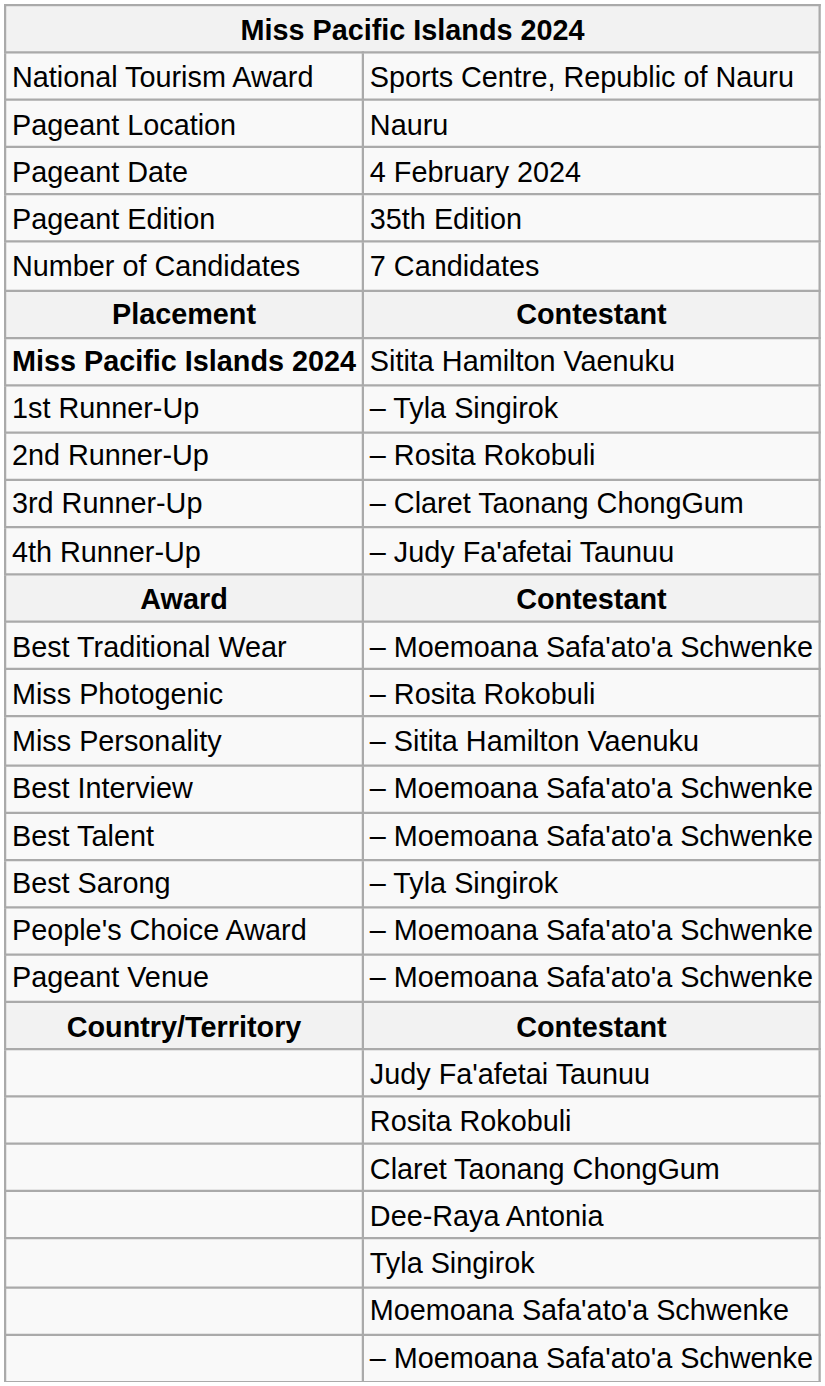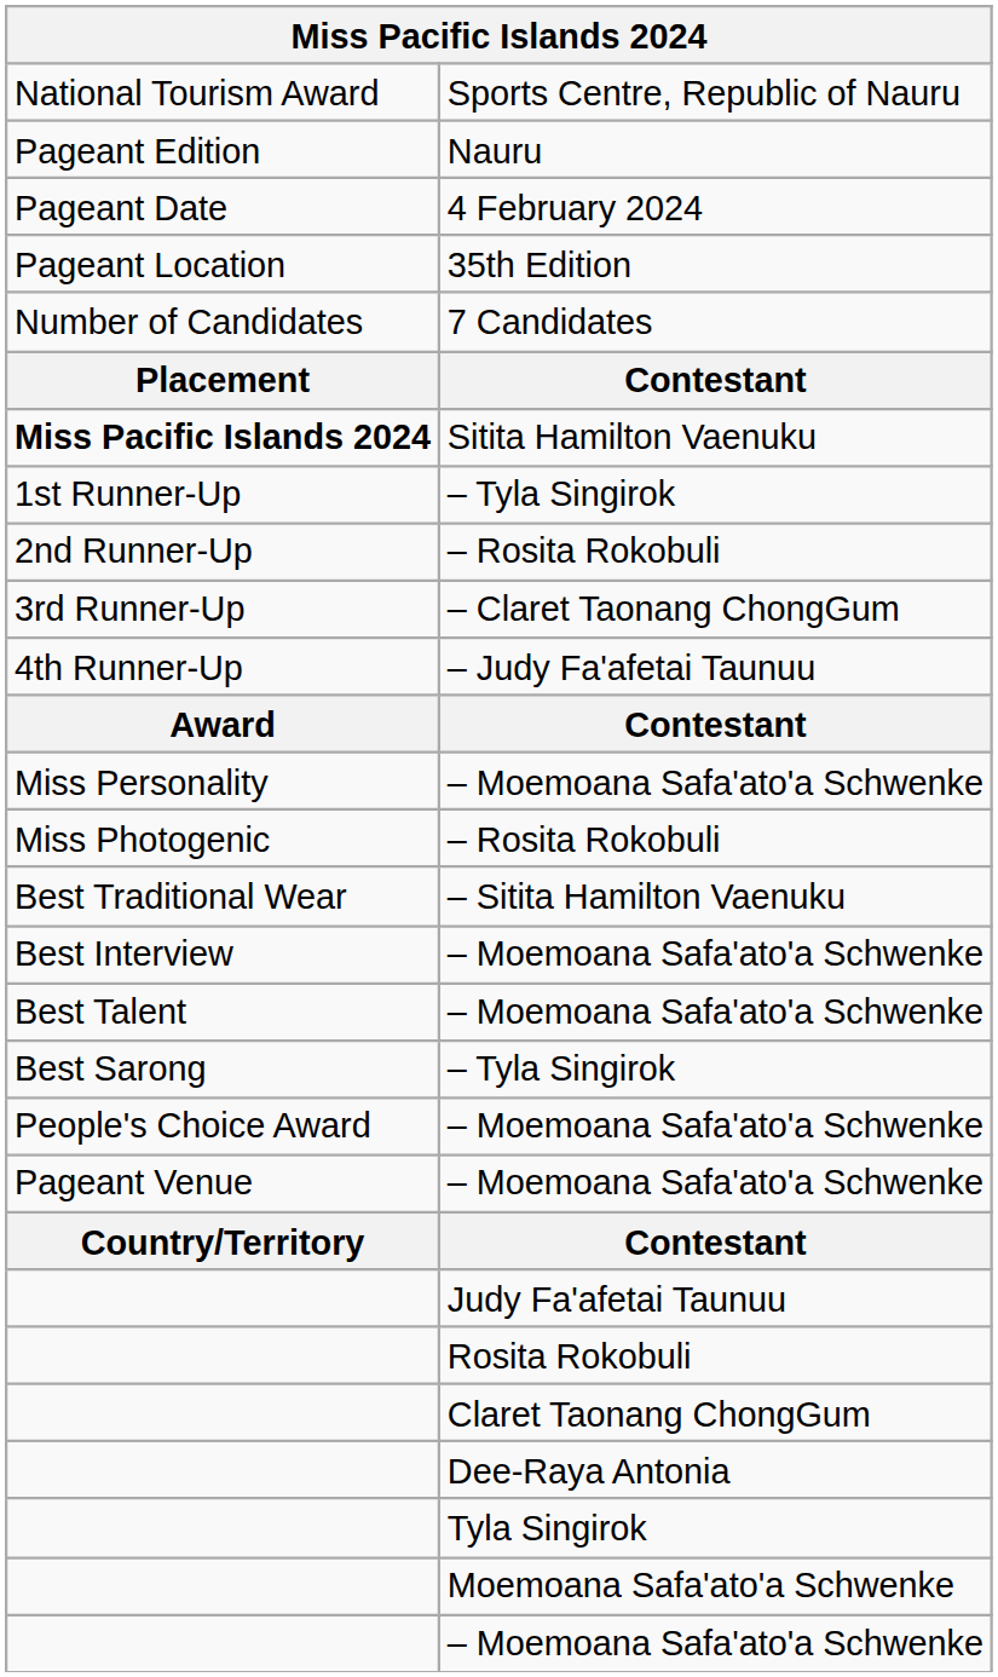 <table class="wikitable sortable" style="font-size: 80%;">
 <tr>
 <th colspan="2"><strong>Miss Pacific Islands 2024</strong></th>
 </tr>
 <tr>
 <td>National Tourism Award</td>
 <td>Sports Centre, Republic of Nauru</td>
 </tr>
 <tr>
-<td>Pageant Location</td>
+<td>Pageant Edition</td>
 <td>Nauru</td>
 </tr>
 <tr>
 <td>Pageant Date</td>
 <td>4 February 2024</td>
 </tr>
 <tr>
-<td>Pageant Edition</td>
+<td>Pageant Location</td>
 <td>35th Edition</td>
 </tr>
 <tr>
 <td>Number of Candidates</td>
 <td>7 Candidates</td>
 </tr>
 <tr>
 <th>Placement</th>
 <th>Contestant</th>
 </tr>
 <tr>
 <td><strong>Miss Pacific Islands 2024</strong></td>
 <td>Sitita Hamilton Vaenuku</td>
 </tr>
 <tr>
 <td>1st Runner-Up</td>
 <td> – Tyla Singirok</td>
 </tr>
 <tr>
 <td>2nd Runner-Up</td>
 <td> – Rosita Rokobuli</td>
 </tr>
 <tr>
 <td>3rd Runner-Up</td>
 <td> – Claret Taonang ChongGum</td>
 </tr>
 <tr>
 <td>4th Runner-Up</td>
 <td> – Judy Fa'afetai Taunuu</td>
 </tr>
 <tr>
 <th>Award</th>
 <th>Contestant</th>
 </tr>
 <tr>
-<td>Best Traditional Wear</td>
+<td>Miss Personality</td>
 <td> – Moemoana Safa'ato'a Schwenke</td>
 </tr>
 <tr>
 <td>Miss Photogenic</td>
 <td> – Rosita Rokobuli</td>
 </tr>
 <tr>
-<td>Miss Personality</td>
+<td>Best Traditional Wear</td>
 <td> – Sitita Hamilton Vaenuku</td>
 </tr>
 <tr>
 <td>Best Interview</td>
 <td> – Moemoana Safa'ato'a Schwenke</td>
 </tr>
 <tr>
 <td>Best Talent</td>
 <td> – Moemoana Safa'ato'a Schwenke</td>
 </tr>
 <tr>
 <td>Best Sarong</td>
 <td> – Tyla Singirok</td>
 </tr>
 <tr>
 <td>People's Choice Award</td>
 <td> – Moemoana Safa'ato'a Schwenke</td>
 </tr>
 <tr>
 <td>Pageant Venue</td>
 <td> – Moemoana Safa'ato'a Schwenke</td>
 </tr>
 <tr>
 <th><strong>Country/Territory</strong></th>
 <th>Contestant</th>
 </tr>
 <tr>
 <td></td>
 <td>Judy Fa'afetai Taunuu</td>
 </tr>
 <tr>
 <td></td>
 <td>Rosita Rokobuli</td>
 </tr>
 <tr>
 <td></td>
 <td>Claret Taonang ChongGum</td>
 </tr>
 <tr>
 <td></td>
 <td>Dee-Raya Antonia</td>
 </tr>
 <tr>
 <td></td>
 <td>Tyla Singirok</td>
 </tr>
 <tr>
 <td></td>
 <td>Moemoana Safa'ato'a Schwenke</td>
 </tr>
 <tr>
 <td></td>
 <td> – Moemoana Safa'ato'a Schwenke</td>
 </tr>
 </table>
